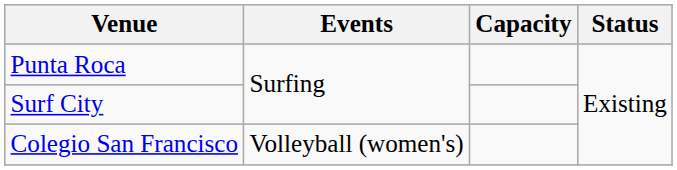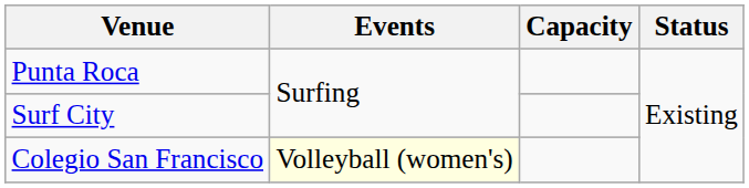 <table class="wikitable sortable">
 <tr>
 <th>Venue</th>
 <th>Events</th>
 <th>Capacity</th>
 <th>Status</th>
 </tr>
 <tr>
 <td><a href='#'>Punta Roca</a></td>
 <td rowspan=2>Surfing</td>
 <td></td>
 <td rowspan=3>Existing</td>
 </tr>
 <tr>
 <td><a href='#'>Surf City</a></td>
 </tr>
 <tr>
 <td><a href='#'>Colegio San Francisco</a></td>
-<td>Volleyball (women's)</td>
+<td style="background: lightyellow;">Volleyball (women's)</td>
 <td></td>
 </tr>
 </table>
